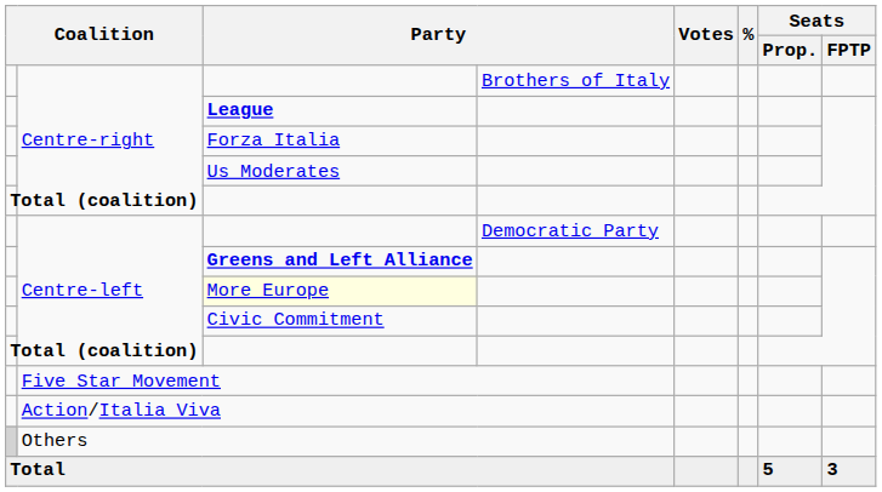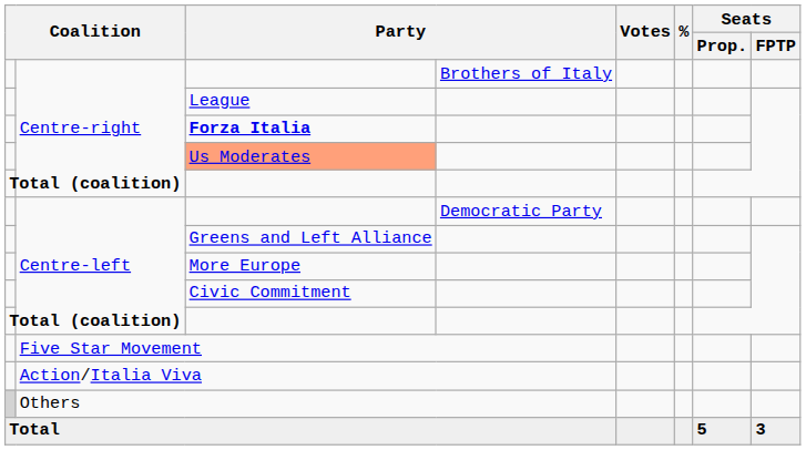 <table class="wikitable">
 <tr>
 <th colspan="2" rowspan="2">Coalition</th>
 <th colspan="2" rowspan="2">Party</th>
 <th rowspan="2">Votes</th>
 <th rowspan="2">%</th>
 <th colspan="2">Seats</th>
 </tr>
 <tr>
 <th>Prop.</th>
 <th>FPTP</th>
 </tr>
 <tr>
 <td></td>
 <td rowspan="5"><a href='#'>Centre-right</a></td>
 <td></td>
 <td><a href='#'>Brothers of Italy</a></td>
 <td></td>
 <td></td>
 <td></td>
 <td></td>
 </tr>
 <tr>
 <td></td>
-<td><strong><a href='#'>League</a></strong></td>
+<td><a href='#'>League</a></td>
 <td></td>
 <td></td>
 <td></td>
 <td></td>
 </tr>
 <tr>
 <td></td>
-<td><a href='#'>Forza Italia</a></td>
+<td><strong><a href='#'>Forza Italia</a></strong></td>
 <td></td>
 <td></td>
 <td></td>
 <td></td>
 </tr>
 <tr>
 <td></td>
-<td><a href='#'>Us Moderates</a></td>
+<td style="background: lightsalmon;"><a href='#'>Us Moderates</a></td>
 <td></td>
 <td></td>
 <td></td>
 <td></td>
 </tr>
 <tr>
 <td colspan="2"><strong>Total (coalition)</strong></td>
 <td></td>
 <td></td>
 <td></td>
 <td></td>
 </tr>
 <tr>
 <td></td>
 <td rowspan="5"><a href='#'>Centre-left</a></td>
 <td></td>
 <td><a href='#'>Democratic Party</a></td>
 <td></td>
 <td></td>
 <td></td>
 <td></td>
 </tr>
 <tr>
 <td></td>
-<td><strong><a href='#'>Greens and Left Alliance</a></strong></td>
+<td><a href='#'>Greens and Left Alliance</a></td>
 <td></td>
 <td></td>
 <td></td>
 <td></td>
 </tr>
 <tr>
 <td></td>
-<td style="background: lightyellow;"><a href='#'>More Europe</a></td>
+<td><a href='#'>More Europe</a></td>
 <td></td>
 <td></td>
 <td></td>
 <td></td>
 </tr>
 <tr>
 <td></td>
 <td><a href='#'>Civic Commitment</a></td>
 <td></td>
 <td></td>
 <td></td>
 <td></td>
 </tr>
 <tr>
 <td colspan="2"><strong>Total (coalition)</strong></td>
 <td></td>
 <td></td>
 <td></td>
 <td></td>
 </tr>
 <tr>
 <td></td>
 <td colspan="3"><a href='#'>Five Star Movement</a></td>
 <td></td>
 <td></td>
 <td></td>
 <td></td>
 </tr>
 <tr>
 <td></td>
 <td colspan="3"><a href='#'>Action</a>/<a href='#'>Italia Viva</a></td>
 <td></td>
 <td></td>
 <td></td>
 <td></td>
 </tr>
 <tr>
 <td bgcolor="lightgrey"></td>
 <td colspan="3">Others</td>
 <td></td>
 <td></td>
 <td></td>
 <td></td>
 </tr>
 <tr bgcolor="#efefef">
 <td colspan="4"><strong>Total</strong></td>
 <td></td>
 <td></td>
 <td><strong>5</strong></td>
 <td><strong>3</strong></td>
 </tr>
 </table>
